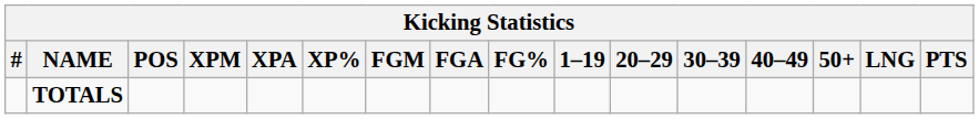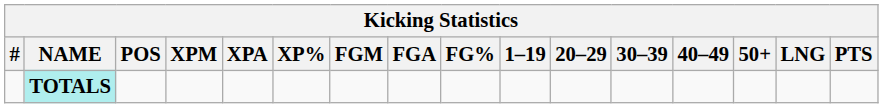 <table class="wikitable sortable collapsible collapsed">
 <tr>
 <th colspan="16">Kicking Statistics</th>
 </tr>
 <tr>
 <th>#</th>
 <th>NAME</th>
 <th>POS</th>
 <th>XPM</th>
 <th>XPA</th>
 <th>XP%</th>
 <th>FGM</th>
 <th>FGA</th>
 <th>FG%</th>
 <th>1–19</th>
 <th>20–29</th>
 <th>30–39</th>
 <th>40–49</th>
 <th>50+</th>
 <th>LNG</th>
 <th>PTS</th>
 </tr>
 <tr>
 <td></td>
-<td><strong>TOTALS</strong></td>
+<td style="background: paleturquoise;"><strong>TOTALS</strong></td>
 <td></td>
 <td></td>
 <td></td>
 <td></td>
 <td></td>
 <td></td>
 <td></td>
 <td></td>
 <td></td>
 <td></td>
 <td></td>
 <td></td>
 <td></td>
 <td></td>
 </tr>
 </table>
